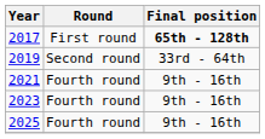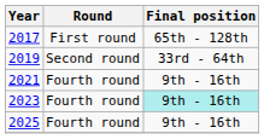 <table class="wikitable" style="text-align: center;">
 <tr>
 <th>Year</th>
 <th>Round</th>
 <th>Final position</th>
 </tr>
 <tr>
 <td> <a href='#'>2017</a></td>
 <td>First round</td>
-<td><strong>65th - 128th</strong></td>
+<td>65th - 128th</td>
 </tr>
 <tr>
 <td> <a href='#'>2019</a></td>
 <td>Second round</td>
 <td>33rd - 64th</td>
 </tr>
 <tr>
 <td> <a href='#'>2021</a></td>
 <td>Fourth round</td>
 <td>9th - 16th</td>
 </tr>
 <tr>
 <td> <a href='#'>2023</a></td>
 <td>Fourth round</td>
-<td>9th - 16th</td>
+<td style="background: paleturquoise;">9th - 16th</td>
 </tr>
 <tr>
 <td> <a href='#'>2025</a></td>
 <td>Fourth round</td>
 <td>9th - 16th</td>
 </tr>
 <tr>
 </tr>
 </table>
